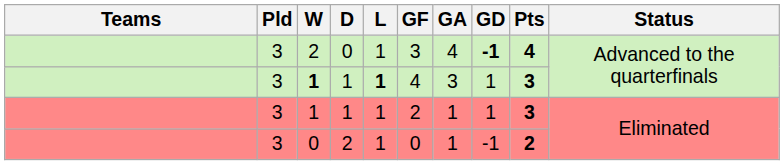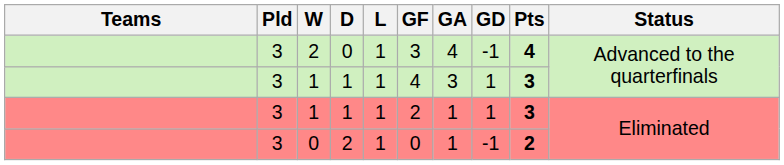 <table class=wikitable style="text-align:center">
 <tr>
 <th width=200>Teams</th>
 <th width=20>Pld</th>
 <th width=20>W</th>
 <th width=20>D</th>
 <th width=20>L</th>
 <th width=20>GF</th>
 <th width=20>GA</th>
 <th width=20>GD</th>
 <th width=20>Pts</th>
 <th width=181>Status</th>
 </tr>
 <tr bgcolor="#D0F0C0">
 <td style="text-align:left;"></td>
 <td>3</td>
 <td>2</td>
 <td>0</td>
 <td>1</td>
 <td>3</td>
 <td>4</td>
-<td><strong>-1</strong></td>
+<td>-1</td>
 <td><strong>4</strong></td>
 <td rowspan=2>Advanced to the quarterfinals</td>
 </tr>
 <tr bgcolor="#D0F0C0">
 <td style="text-align:left;"></td>
 <td>3</td>
-<td><strong>1</strong></td>
 <td>1</td>
-<td><strong>1</strong></td>
+<td>1</td>
+<td>1</td>
 <td>4</td>
 <td>3</td>
 <td>1</td>
 <td><strong>3</strong></td>
 </tr>
 <tr bgcolor=#FF8888>
 <td style="text-align:left;"></td>
 <td>3</td>
 <td>1</td>
 <td>1</td>
 <td>1</td>
 <td>2</td>
 <td>1</td>
 <td>1</td>
 <td><strong>3</strong></td>
 <td rowspan=2>Eliminated</td>
 </tr>
 <tr bgcolor=#FF8888>
 <td style="text-align:left;"></td>
 <td>3</td>
 <td>0</td>
 <td>2</td>
 <td>1</td>
 <td>0</td>
 <td>1</td>
 <td>-1</td>
 <td><strong>2</strong></td>
 </tr>
 </table>
